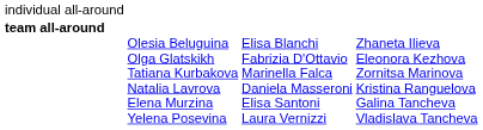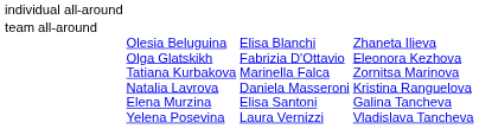 <table>
 <tr>
 <td>individual all-around<br></td>
 <td></td>
 <td></td>
 <td></td>
 </tr>
 <tr valign="top">
-<td><strong>team all-around<br></strong></td>
+<td>team all-around<br></td>
 <td><br><a href='#'>Olesia Beluguina</a><br><a href='#'>Olga Glatskikh</a><br><a href='#'>Tatiana Kurbakova</a><br><a href='#'>Natalia Lavrova</a><br><a href='#'>Elena Murzina</a><br><a href='#'>Yelena Posevina</a></td>
 <td><br><a href='#'>Elisa Blanchi</a><br><a href='#'>Fabrizia D'Ottavio</a><br><a href='#'>Marinella Falca</a><br><a href='#'>Daniela Masseroni</a><br><a href='#'>Elisa Santoni</a><br><a href='#'>Laura Vernizzi</a></td>
 <td><br><a href='#'>Zhaneta Ilieva</a><br><a href='#'>Eleonora Kezhova</a><br><a href='#'>Zornitsa Marinova</a><br><a href='#'>Kristina Ranguelova</a><br><a href='#'>Galina Tancheva</a><br><a href='#'>Vladislava Tancheva</a></td>
 </tr>
 </table>
